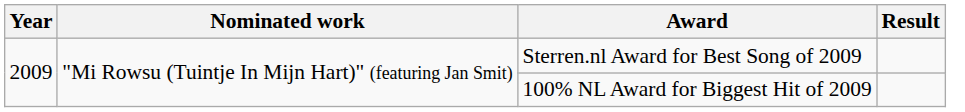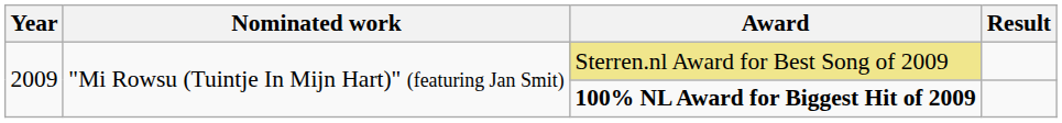 <table class="wikitable">
 <tr>
 <th>Year</th>
 <th>Nominated work</th>
 <th>Award</th>
 <th>Result</th>
 </tr>
 <tr>
 <td rowspan="2">2009</td>
 <td rowspan="2">"Mi Rowsu (Tuintje In Mijn Hart)" <small>(featuring Jan Smit)</small></td>
-<td>Sterren.nl Award for Best Song of 2009</td>
+<td style="background: khaki;">Sterren.nl Award for Best Song of 2009</td>
 <td></td>
 </tr>
 <tr>
-<td>100% NL Award for Biggest Hit of 2009</td>
+<td><strong>100% NL Award for Biggest Hit of 2009</strong></td>
 <td></td>
 </tr>
 </table>
